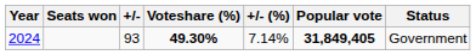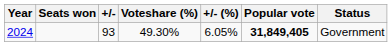 <table class="wikitable sortable" style="text-align:center;">
 <tr>
 <th style="background-color:">Year</th>
 <th style="background-color:">Seats won</th>
 <th style="background-color:">+/-</th>
 <th style="background-color:">Voteshare (%)</th>
 <th style="background-color:">+/- (%)</th>
 <th style="background-color:">Popular vote</th>
 <th style="background-color:">Status</th>
 </tr>
 <tr>
 <td><a href='#'>2024</a></td>
 <td></td>
 <td> 93</td>
-<td><strong>49.30%</strong></td>
-<td> 7.14%</td>
+<td>49.30%</td>
+<td> 6.05%</td>
 <td><strong>31,849,405</strong></td>
 <td>Government</td>
 </tr>
 </table>
